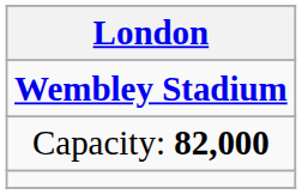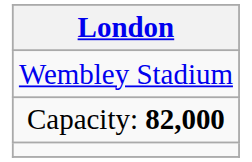 <table class="wikitable" style="margin:1em auto; text-align:center">
 <tr>
 <th> <a href='#'>London</a></th>
 </tr>
 <tr>
-<td><strong><a href='#'>Wembley Stadium</a></strong></td>
+<td><a href='#'>Wembley Stadium</a></td>
 </tr>
 <tr>
 <td>Capacity: <strong>82,000</strong></td>
 </tr>
 <tr>
 <td></td>
 </tr>
 </table>
